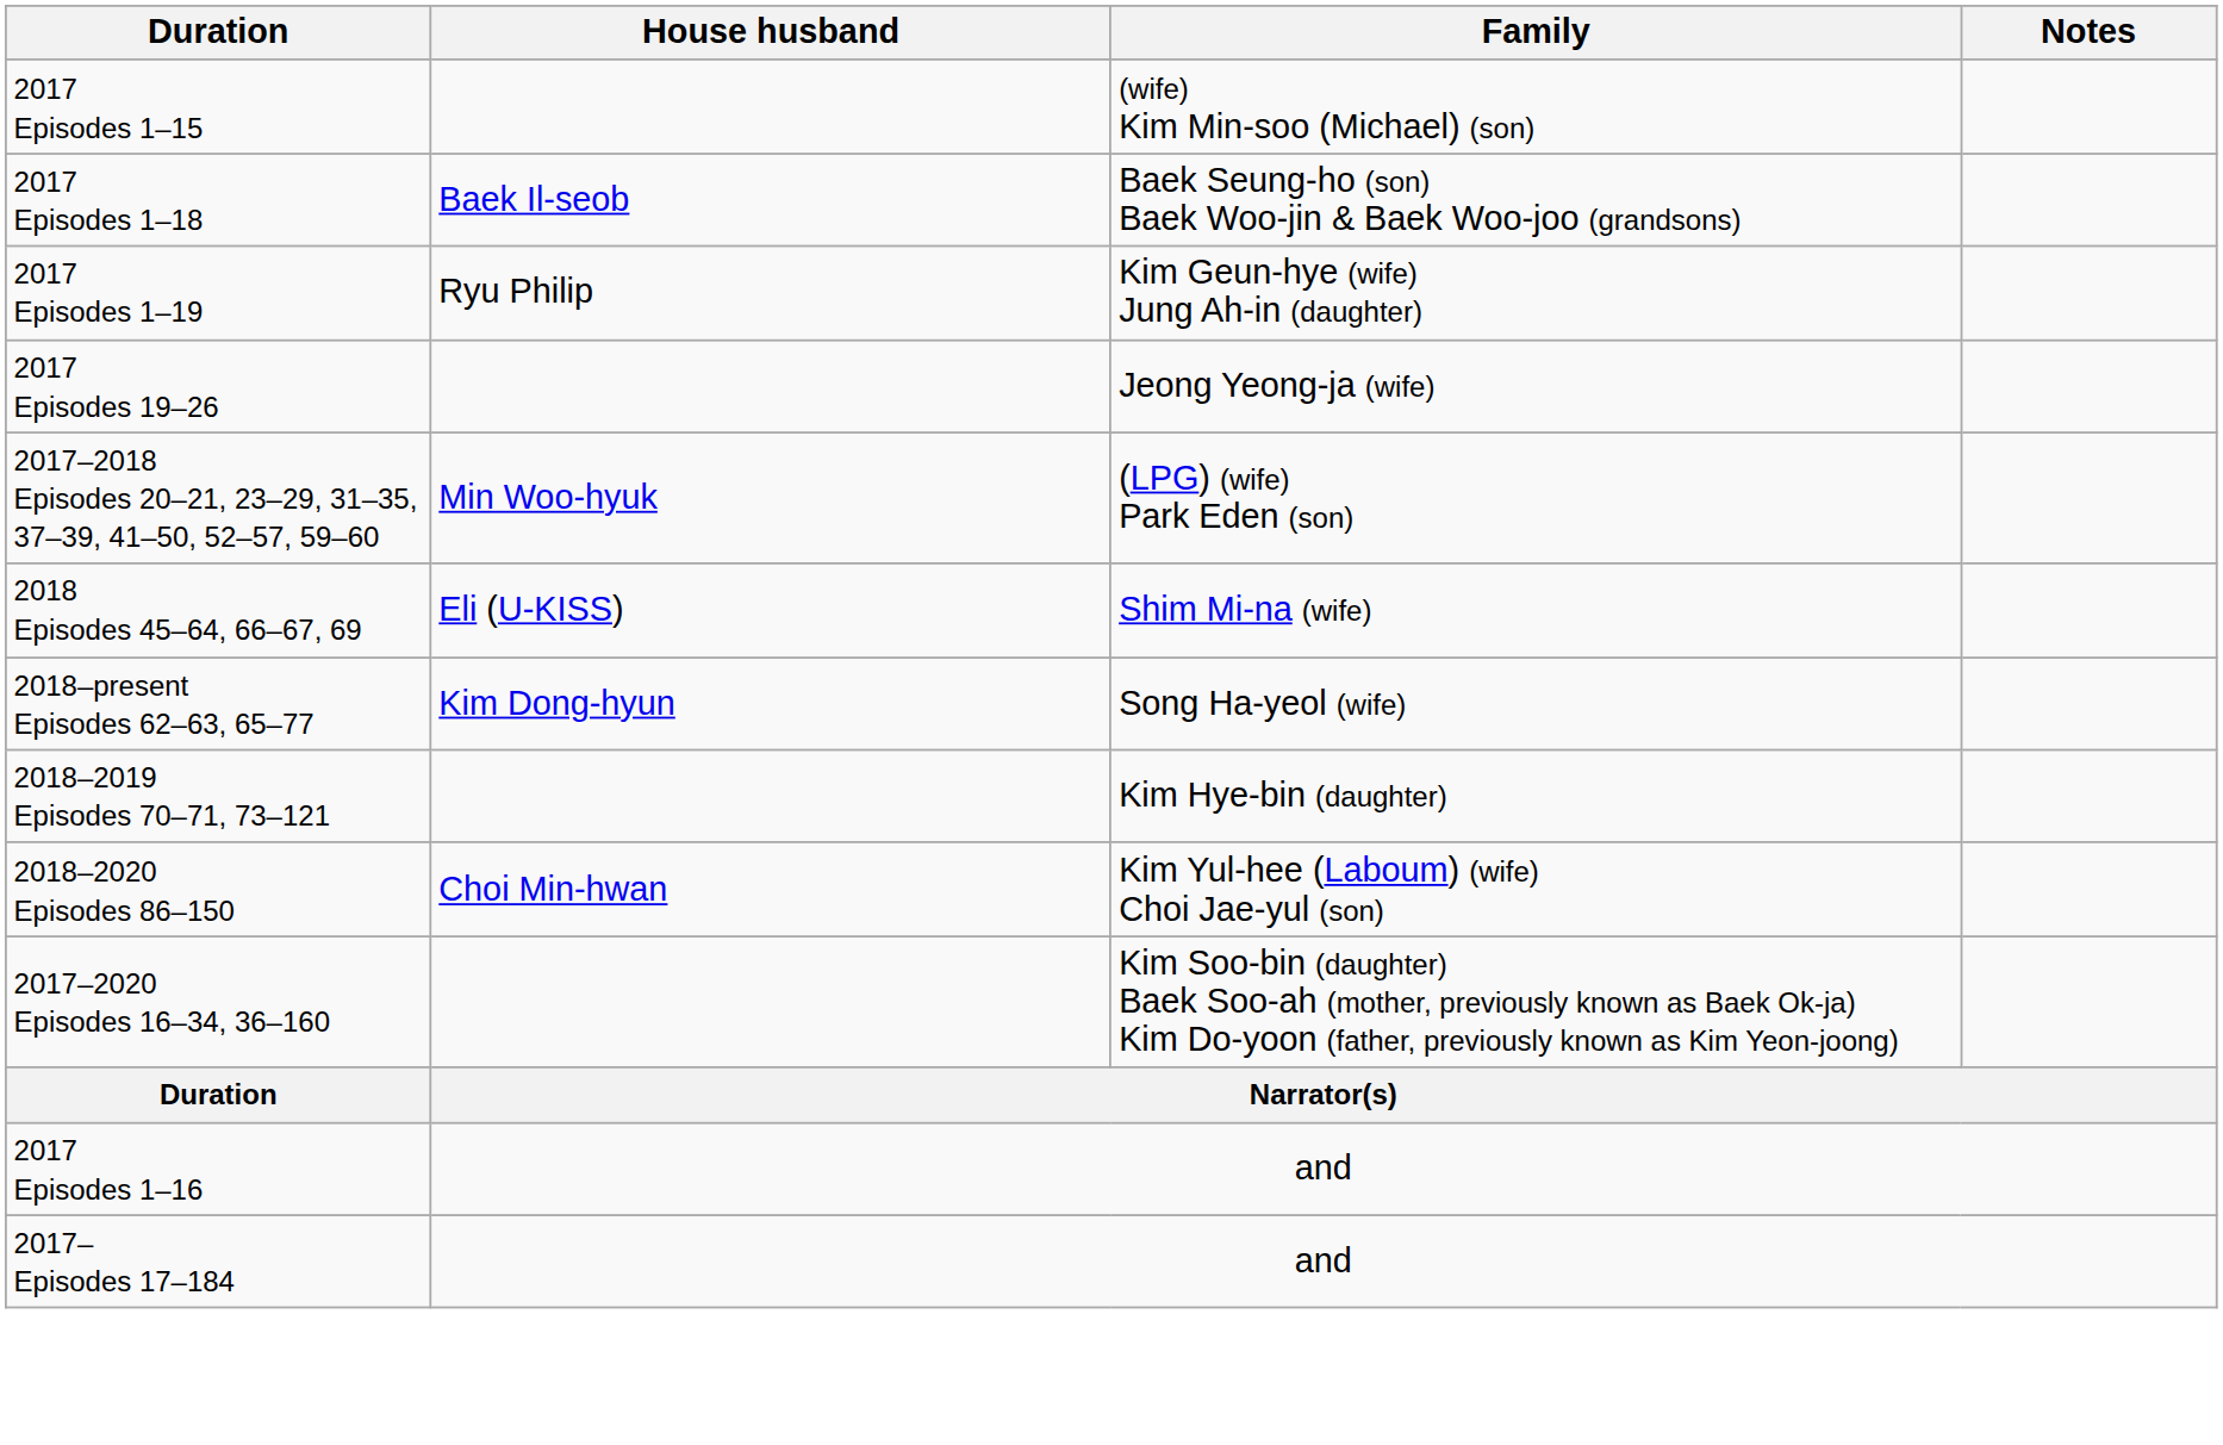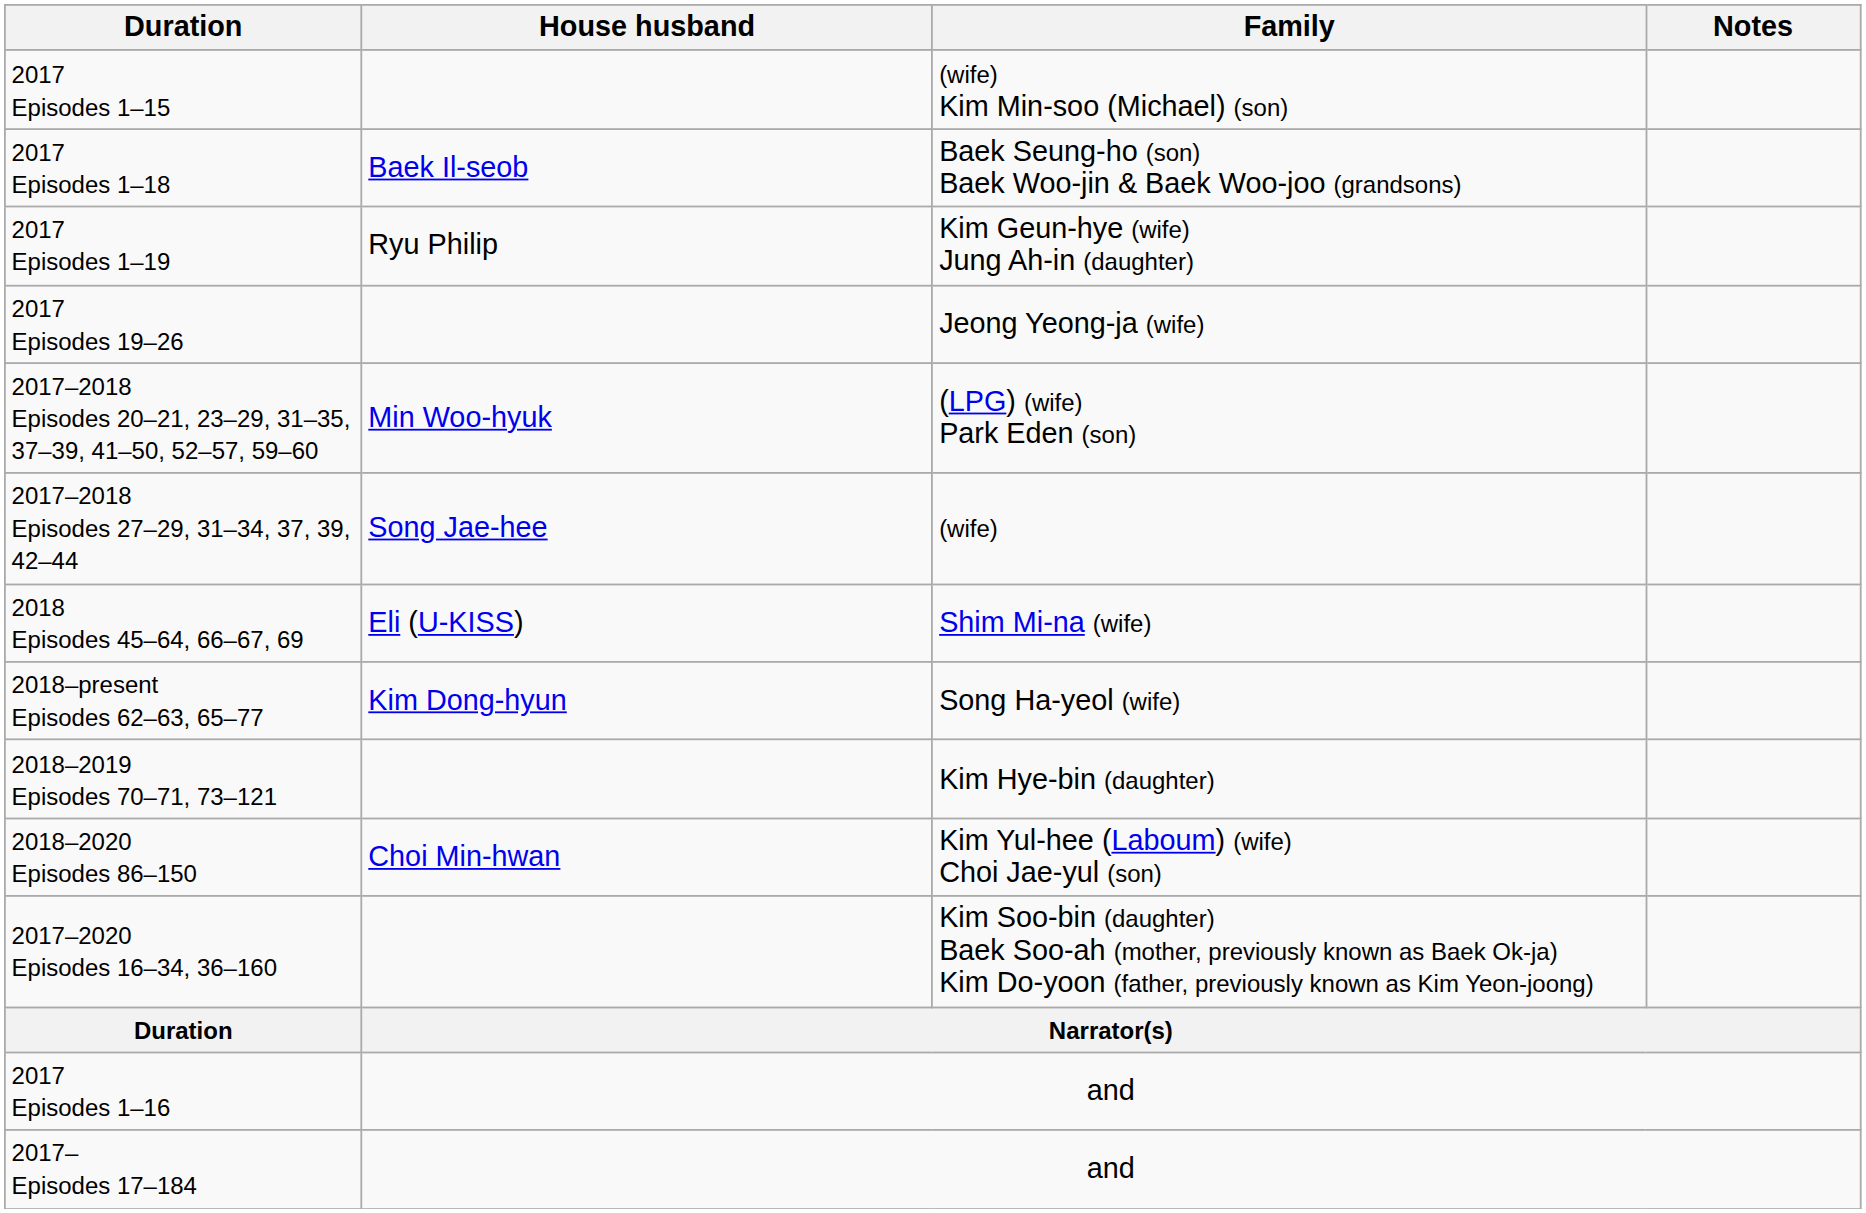 <table class="wikitable plainrowheaders" style="width:52%;">
 <tr>
 <th scope="col"  style="width:10%;">Duration</th>
 <th scope="col"  style="width:16%;">House husband</th>
 <th scope="col"  style="width:20%;">Family</th>
 <th scope="col"  style="width:6%">Notes</th>
 </tr>
 <tr>
 <td><small>2017<br>Episodes 1–15</small></td>
 <td></td>
 <td> <small>(wife)</small><br>Kim Min-soo (Michael) <small>(son)</small></td>
 <td></td>
 </tr>
 <tr>
 <td><small>2017<br>Episodes 1–18</small></td>
 <td><a href='#'>Baek Il-seob</a></td>
 <td>Baek Seung-ho <small>(son)</small><br>Baek Woo-jin & Baek Woo-joo <small>(grandsons)</small></td>
 <td></td>
 </tr>
 <tr>
 <td><small>2017<br>Episodes 1–19</small></td>
 <td>Ryu Philip</td>
 <td>Kim Geun-hye <small>(wife)</small><br>Jung Ah-in <small>(daughter)</small></td>
 <td></td>
 </tr>
 <tr>
 <td><small>2017<br>Episodes 19–26</small></td>
 <td></td>
 <td>Jeong Yeong-ja <small>(wife)</small></td>
 <td></td>
 </tr>
 <tr>
 <td><small>2017–2018<br>Episodes 20–21, 23–29, 31–35, 37–39, 41–50, 52–57, 59–60</small></td>
 <td><a href='#'>Min Woo-hyuk</a></td>
 <td> (<a href='#'>LPG</a>) <small>(wife)</small><br>Park Eden <small>(son)</small></td>
+<td></td>
+</tr>
+<tr>
+<td><small>2017–2018<br>Episodes 27–29, 31–34, 37, 39, 42–44</small></td>
+<td><a href='#'>Song Jae-hee</a></td>
+<td> <small>(wife)</small></td>
 <td></td>
 </tr>
 <tr>
 <td><small>2018<br>Episodes 45–64, 66–67, 69</small></td>
 <td><a href='#'>Eli</a> (<a href='#'>U-KISS</a>)</td>
 <td><a href='#'>Shim Mi-na</a> <small>(wife)</small></td>
 <td></td>
 </tr>
 <tr>
 <td><small>2018–present<br>Episodes 62–63, 65–77</small></td>
 <td><a href='#'>Kim Dong-hyun</a></td>
 <td>Song Ha-yeol <small>(wife)</small></td>
 <td></td>
 </tr>
 <tr>
 <td><small>2018–2019<br>Episodes 70–71, 73–121</small></td>
 <td></td>
 <td>Kim Hye-bin <small>(daughter)</small></td>
 <td></td>
 </tr>
 <tr>
 <td><small>2018–2020<br>Episodes 86–150</small></td>
 <td><a href='#'>Choi Min-hwan</a></td>
 <td>Kim Yul-hee (<a href='#'>Laboum</a>) <small>(wife)</small><br>Choi Jae-yul <small>(son)</small></td>
 <td></td>
 </tr>
 <tr>
 <td><small>2017–2020<br>Episodes 16–34, 36–160</small></td>
 <td></td>
 <td>Kim Soo-bin <small>(daughter)</small><br>Baek Soo-ah <small>(mother, previously known as Baek Ok-ja)</small><br> Kim Do-yoon <small>(father, previously known as Kim Yeon-joong)</small></td>
 <td></td>
 </tr>
 <tr>
 <th scope="col"><small>Duration</small></th>
 <th colspan="3" scope="col"><small>Narrator(s)</small></th>
 </tr>
 <tr>
 <td><small>2017<br>Episodes 1–16</small></td>
 <td colspan="3" style="text-align:center;"> and </td>
 </tr>
 <tr>
 <td><small>2017–<br>Episodes 17–184</small></td>
 <td colspan="3" style="text-align:center;"> and </td>
 </tr>
 </table>
